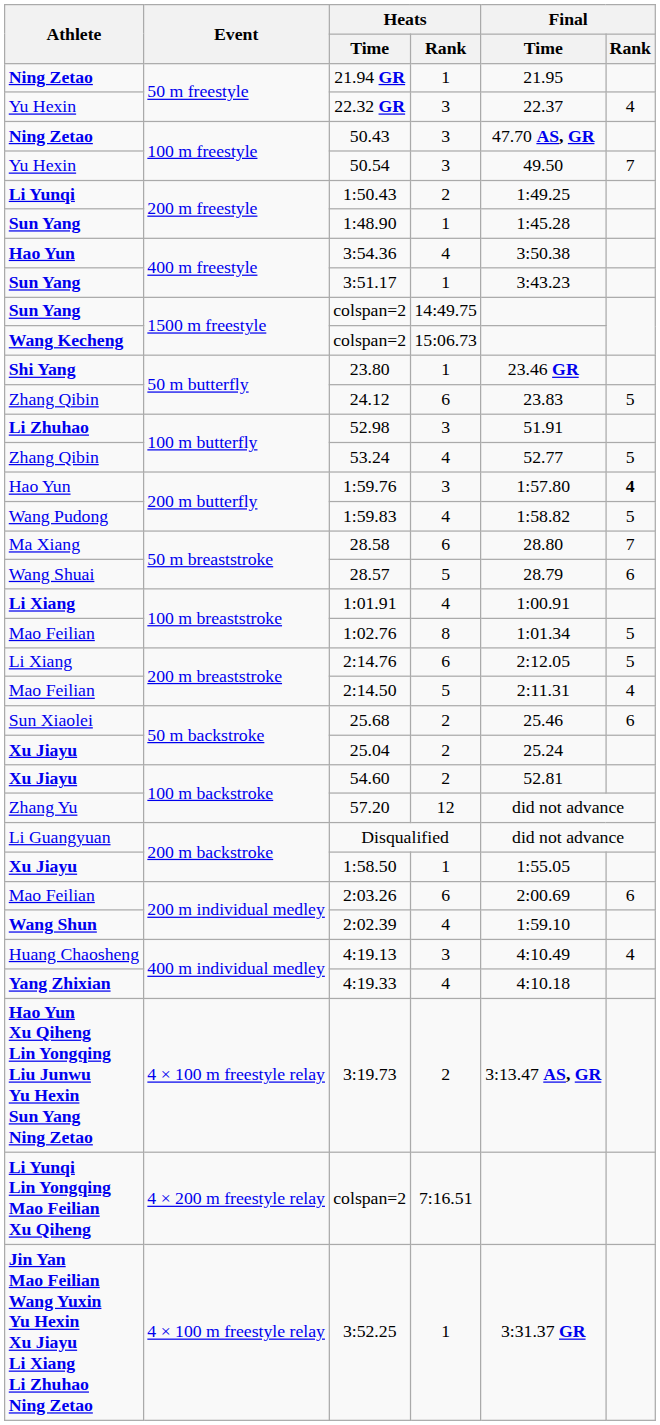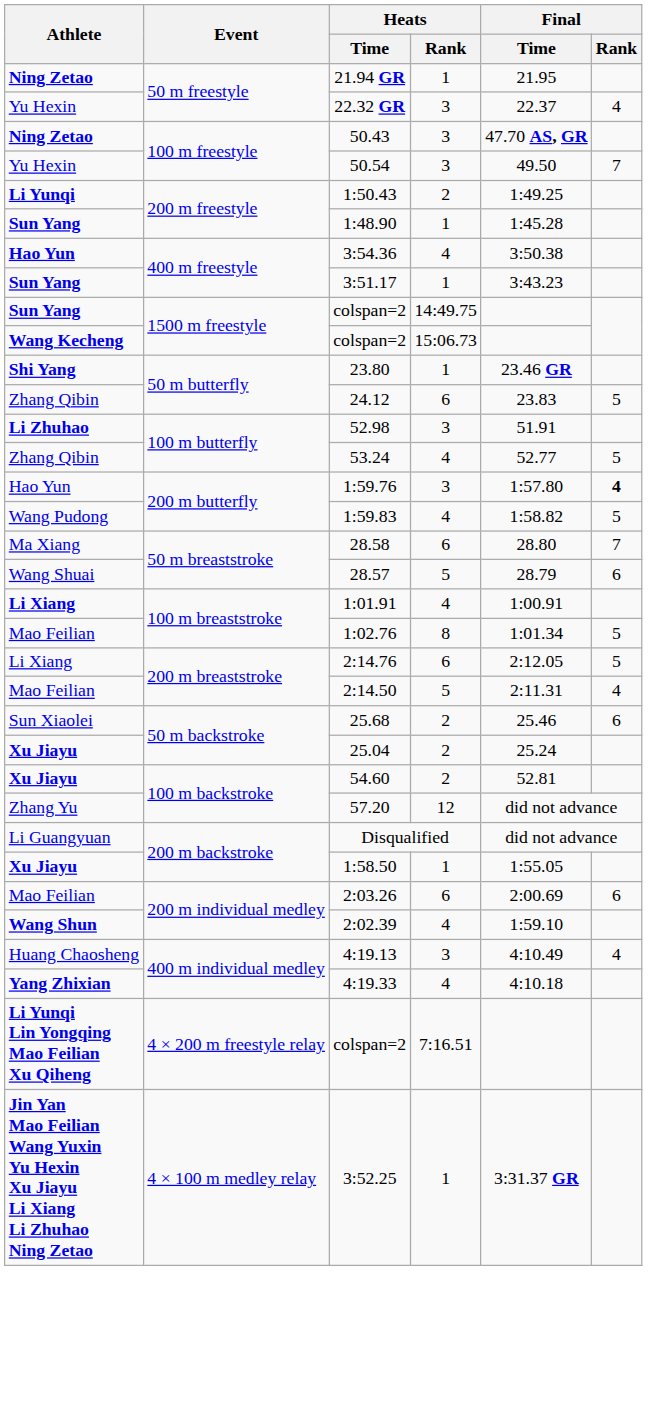 <table class="wikitable"style="text-align:center; font-size:90%">
 <tr>
 <th rowspan="2">Athlete</th>
 <th rowspan="2">Event</th>
 <th colspan="2">Heats</th>
 <th colspan="2">Final</th>
 </tr>
 <tr>
 <th>Time</th>
 <th>Rank</th>
 <th>Time</th>
 <th>Rank</th>
 </tr>
 <tr>
 <td align="left"><strong><a href='#'>Ning Zetao</a></strong></td>
 <td rowspan="2" style="text-align:left;"><a href='#'>50 m freestyle</a></td>
 <td>21.94 <strong><a href='#'>GR</a></strong></td>
 <td>1 <strong></strong></td>
 <td>21.95</td>
 <td></td>
 </tr>
 <tr>
 <td align="left"><a href='#'>Yu Hexin</a></td>
 <td>22.32 <strong><a href='#'>GR</a></strong></td>
 <td>3 <strong></strong></td>
 <td>22.37</td>
 <td>4</td>
 </tr>
 <tr>
 <td align="left"><strong><a href='#'>Ning Zetao</a></strong></td>
 <td rowspan="2" style="text-align:left;"><a href='#'>100 m freestyle</a></td>
 <td>50.43</td>
 <td>3 <strong></strong></td>
 <td>47.70 <strong><a href='#'>AS</a>, <a href='#'>GR</a></strong></td>
 <td></td>
 </tr>
 <tr>
 <td align="left"><a href='#'>Yu Hexin</a></td>
 <td>50.54</td>
 <td>3 <strong></strong></td>
 <td>49.50</td>
 <td>7</td>
 </tr>
 <tr>
 <td align="left"><strong><a href='#'>Li Yunqi</a></strong></td>
 <td rowspan="2" style="text-align:left;"><a href='#'>200 m freestyle</a></td>
 <td>1:50.43</td>
 <td>2 <strong></strong></td>
 <td>1:49.25</td>
 <td></td>
 </tr>
 <tr>
 <td align="left"><strong><a href='#'>Sun Yang</a></strong></td>
 <td>1:48.90</td>
 <td>1 <strong></strong></td>
 <td>1:45.28</td>
 <td></td>
 </tr>
 <tr>
 <td align="left"><strong><a href='#'>Hao Yun</a></strong></td>
 <td rowspan="2" style="text-align:left;"><a href='#'>400 m freestyle</a></td>
 <td>3:54.36</td>
 <td>4 <strong></strong></td>
 <td>3:50.38</td>
 <td></td>
 </tr>
 <tr>
 <td align="left"><strong><a href='#'>Sun Yang</a></strong></td>
 <td>3:51.17</td>
 <td>1 <strong></strong></td>
 <td>3:43.23</td>
 <td></td>
 </tr>
 <tr>
 <td align="left"><strong><a href='#'>Sun Yang</a></strong></td>
 <td rowspan="2" style="text-align:left;"><a href='#'>1500 m freestyle</a></td>
 <td>colspan=2 </td>
 <td>14:49.75</td>
 <td></td>
 </tr>
 <tr>
 <td align="left"><strong><a href='#'>Wang Kecheng</a></strong></td>
 <td>colspan=2 </td>
 <td>15:06.73</td>
 <td></td>
 </tr>
 <tr>
 <td align="left"><strong><a href='#'>Shi Yang</a></strong></td>
 <td rowspan="2" style="text-align:left;"><a href='#'>50 m butterfly</a></td>
 <td>23.80</td>
 <td>1 <strong></strong></td>
 <td>23.46 <strong><a href='#'>GR</a></strong></td>
 <td></td>
 </tr>
 <tr>
 <td align="left"><a href='#'>Zhang Qibin</a></td>
 <td>24.12</td>
 <td>6 <strong></strong></td>
 <td>23.83</td>
 <td>5</td>
 </tr>
 <tr>
 <td align="left"><strong><a href='#'>Li Zhuhao</a></strong></td>
 <td rowspan="2" style="text-align:left;"><a href='#'>100 m butterfly</a></td>
 <td>52.98</td>
 <td>3 <strong></strong></td>
 <td>51.91</td>
 <td></td>
 </tr>
 <tr>
 <td align="left"><a href='#'>Zhang Qibin</a></td>
 <td>53.24</td>
 <td>4 <strong></strong></td>
 <td>52.77</td>
 <td>5</td>
 </tr>
 <tr>
 <td align="left"><a href='#'>Hao Yun</a></td>
 <td rowspan="2" style="text-align:left;"><a href='#'>200 m butterfly</a></td>
 <td>1:59.76</td>
 <td>3 <strong></strong></td>
 <td>1:57.80</td>
 <td><strong>4</strong></td>
 </tr>
 <tr>
 <td align="left"><a href='#'>Wang Pudong</a></td>
 <td>1:59.83</td>
 <td>4 <strong></strong></td>
 <td>1:58.82</td>
 <td>5</td>
 </tr>
 <tr>
 <td align="left"><a href='#'>Ma Xiang</a></td>
 <td rowspan="2" style="text-align:left;"><a href='#'>50 m breaststroke</a></td>
 <td>28.58</td>
 <td>6 <strong></strong></td>
 <td>28.80</td>
 <td>7</td>
 </tr>
 <tr>
 <td align="left"><a href='#'>Wang Shuai</a></td>
 <td>28.57</td>
 <td>5 <strong></strong></td>
 <td>28.79</td>
 <td>6</td>
 </tr>
 <tr>
 <td align="left"><strong><a href='#'>Li Xiang</a></strong></td>
 <td rowspan="2" style="text-align:left;"><a href='#'>100 m breaststroke</a></td>
 <td>1:01.91</td>
 <td>4 <strong></strong></td>
 <td>1:00.91</td>
 <td></td>
 </tr>
 <tr>
 <td align="left"><a href='#'>Mao Feilian</a></td>
 <td>1:02.76</td>
 <td>8 <strong></strong></td>
 <td>1:01.34</td>
 <td>5</td>
 </tr>
 <tr>
 <td align="left"><a href='#'>Li Xiang</a></td>
 <td rowspan="2" style="text-align:left;"><a href='#'>200 m breaststroke</a></td>
 <td>2:14.76</td>
 <td>6 <strong></strong></td>
 <td>2:12.05</td>
 <td>5</td>
 </tr>
 <tr>
 <td align="left"><a href='#'>Mao Feilian</a></td>
 <td>2:14.50</td>
 <td>5 <strong></strong></td>
 <td>2:11.31</td>
 <td>4</td>
 </tr>
 <tr>
 <td align="left"><a href='#'>Sun Xiaolei</a></td>
 <td rowspan="2" style="text-align:left;"><a href='#'>50 m backstroke</a></td>
 <td>25.68</td>
 <td>2 <strong></strong></td>
 <td>25.46</td>
 <td>6</td>
 </tr>
 <tr>
 <td align="left"><strong><a href='#'>Xu Jiayu</a></strong></td>
 <td>25.04</td>
 <td>2 <strong></strong></td>
 <td>25.24</td>
 <td></td>
 </tr>
 <tr>
 <td align="left"><strong><a href='#'>Xu Jiayu</a></strong></td>
 <td rowspan="2" style="text-align:left;"><a href='#'>100 m backstroke</a></td>
 <td>54.60</td>
 <td>2 <strong></strong></td>
 <td>52.81</td>
 <td></td>
 </tr>
 <tr>
 <td align="left"><a href='#'>Zhang Yu</a></td>
 <td>57.20</td>
 <td>12</td>
 <td colspan=2>did not advance</td>
 </tr>
 <tr>
 <td align="left"><a href='#'>Li Guangyuan</a></td>
 <td rowspan="2" style="text-align:left;"><a href='#'>200 m backstroke</a></td>
 <td colspan=2>Disqualified</td>
 <td colspan=2>did not advance</td>
 </tr>
 <tr>
 <td align="left"><strong><a href='#'>Xu Jiayu</a></strong></td>
 <td>1:58.50</td>
 <td>1 <strong></strong></td>
 <td>1:55.05</td>
 <td></td>
 </tr>
 <tr>
 <td align="left"><a href='#'>Mao Feilian</a></td>
 <td rowspan="2" style="text-align:left;"><a href='#'>200 m individual medley</a></td>
 <td>2:03.26</td>
 <td>6 <strong></strong></td>
 <td>2:00.69</td>
 <td>6</td>
 </tr>
 <tr>
 <td align="left"><strong><a href='#'>Wang Shun</a></strong></td>
 <td>2:02.39</td>
 <td>4 <strong></strong></td>
 <td>1:59.10</td>
 <td></td>
 </tr>
 <tr>
 <td align="left"><a href='#'>Huang Chaosheng</a></td>
 <td rowspan="2" style="text-align:left;"><a href='#'>400 m individual medley</a></td>
 <td>4:19.13</td>
 <td>3 <strong></strong></td>
 <td>4:10.49</td>
 <td>4</td>
 </tr>
 <tr>
 <td align="left"><strong><a href='#'>Yang Zhixian</a></strong></td>
 <td>4:19.33</td>
 <td>4 <strong></strong></td>
 <td>4:10.18</td>
 <td></td>
 </tr>
 <tr>
-<td align="left"><strong><a href='#'>Hao Yun</a><br><a href='#'>Xu Qiheng</a><br><a href='#'>Lin Yongqing</a><br><a href='#'>Liu Junwu</a><br><a href='#'>Yu Hexin</a><br><a href='#'>Sun Yang</a><br><a href='#'>Ning Zetao</a></strong></td>
-<td align="left"><a href='#'>4 × 100 m freestyle relay</a></td>
-<td>3:19.73</td>
-<td>2 <strong></strong></td>
-<td>3:13.47 <strong><a href='#'>AS</a>, <a href='#'>GR</a></strong></td>
-<td></td>
-</tr>
-<tr>
 <td align="left"><strong><a href='#'>Li Yunqi</a><br><a href='#'>Lin Yongqing</a><br><a href='#'>Mao Feilian</a><br><a href='#'>Xu Qiheng</a></strong></td>
 <td align="left"><a href='#'>4 × 200 m freestyle relay</a></td>
 <td>colspan=2 </td>
 <td>7:16.51</td>
 <td></td>
 </tr>
 <tr>
 <td align="left"><strong><a href='#'>Jin Yan</a><br><a href='#'>Mao Feilian</a><br><a href='#'>Wang Yuxin</a><br><a href='#'>Yu Hexin</a><br><a href='#'>Xu Jiayu</a><br><a href='#'>Li Xiang</a><br><a href='#'>Li Zhuhao</a><br><a href='#'>Ning Zetao</a></strong></td>
-<td align="left"><a href='#'>4 × 100 m freestyle relay</a></td>
+<td align="left"><a href='#'>4 × 100 m medley relay</a></td>
 <td>3:52.25</td>
 <td>1 <strong></strong></td>
 <td>3:31.37 <strong><a href='#'>GR</a></strong></td>
 <td></td>
 </tr>
 </table>
